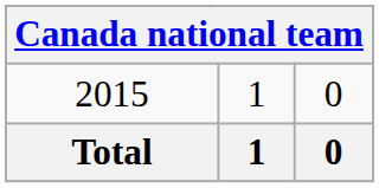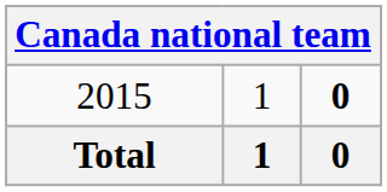 <table class="wikitable" style="text-align:center">
 <tr>
 <th colspan=3><a href='#'>Canada national team</a></th>
 </tr>
 <tr>
 <td>2015</td>
 <td>1</td>
-<td>0</td>
+<td><strong>0</strong></td>
 </tr>
 <tr>
 <th>Total</th>
 <th>1</th>
 <th>0</th>
 </tr>
 </table>
